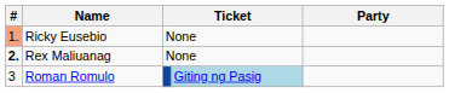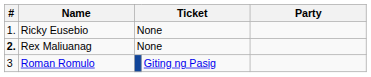 <table class=wikitable style="font-size:90%">
 <tr>
 <th>#</th>
 <th width=150px>Name</th>
 <th colspan=2 width=150px>Ticket</th>
 <th colspan=2 width=150px>Party</th>
 </tr>
 <tr>
-<td style="background: lightsalmon;">1.</td>
+<td>1.</td>
 <td>Ricky Eusebio</td>
 <td colspan=2>None</td>
 <td></td>
 </tr>
 <tr>
 <td><strong>2.</strong></td>
 <td>Rex Maliuanag</td>
 <td colspan=2>None</td>
 <td></td>
 </tr>
 <tr>
 <td>3</td>
 <td><a href='#'>Roman Romulo</a></td>
 <td bgcolor=#114599></td>
-<td style="background: lightblue;"><a href='#'>Giting ng Pasig</a></td>
+<td><a href='#'>Giting ng Pasig</a></td>
 <td></td>
 </tr>
 </table>
